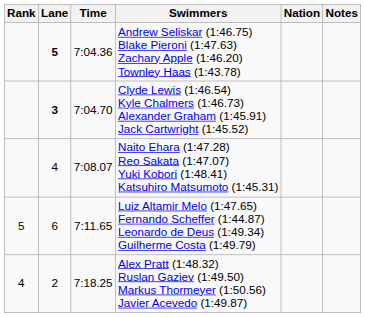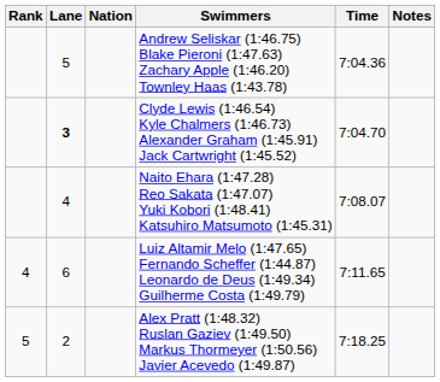 <table class="wikitable sortable" style="text-align:center">
 <tr>
 <th>Rank</th>
 <th>Lane</th>
+<th>Nation</th>
+<th>Swimmers</th>
 <th>Time</th>
-<th>Swimmers</th>
-<th>Nation</th>
 <th>Notes</th>
 </tr>
 <tr>
 <td></td>
-<td><strong>5</strong></td>
+<td>5</td>
+<td align=left></td>
+<td align=left><a href='#'>Andrew Seliskar</a> (1:46.75)<br><a href='#'>Blake Pieroni</a> (1:47.63)<br><a href='#'>Zachary Apple</a> (1:46.20)<br><a href='#'>Townley Haas</a> (1:43.78)</td>
 <td>7:04.36</td>
-<td align=left><a href='#'>Andrew Seliskar</a> (1:46.75)<br><a href='#'>Blake Pieroni</a> (1:47.63)<br><a href='#'>Zachary Apple</a> (1:46.20)<br><a href='#'>Townley Haas</a> (1:43.78)</td>
-<td align=left></td>
 <td></td>
 </tr>
 <tr>
 <td></td>
 <td><strong>3</strong></td>
+<td align=left></td>
+<td align=left><a href='#'>Clyde Lewis</a> (1:46.54)<br><a href='#'>Kyle Chalmers</a> (1:46.73)<br><a href='#'>Alexander Graham</a> (1:45.91)<br><a href='#'>Jack Cartwright</a> (1:45.52)</td>
 <td>7:04.70</td>
-<td align=left><a href='#'>Clyde Lewis</a> (1:46.54)<br><a href='#'>Kyle Chalmers</a> (1:46.73)<br><a href='#'>Alexander Graham</a> (1:45.91)<br><a href='#'>Jack Cartwright</a> (1:45.52)</td>
-<td align=left></td>
 <td></td>
 </tr>
 <tr>
 <td></td>
 <td>4</td>
+<td align=left></td>
+<td align=left><a href='#'>Naito Ehara</a> (1:47.28)<br><a href='#'>Reo Sakata</a> (1:47.07)<br><a href='#'>Yuki Kobori</a> (1:48.41)<br><a href='#'>Katsuhiro Matsumoto</a> (1:45.31)</td>
 <td>7:08.07</td>
-<td align=left><a href='#'>Naito Ehara</a> (1:47.28)<br><a href='#'>Reo Sakata</a> (1:47.07)<br><a href='#'>Yuki Kobori</a> (1:48.41)<br><a href='#'>Katsuhiro Matsumoto</a> (1:45.31)</td>
+<td></td>
+</tr>
+<tr>
+<td>4</td>
+<td>6</td>
 <td align=left></td>
+<td align=left><a href='#'>Luiz Altamir Melo</a> (1:47.65)<br><a href='#'>Fernando Scheffer</a> (1:44.87)<br><a href='#'>Leonardo de Deus</a> (1:49.34)<br><a href='#'>Guilherme Costa</a> (1:49.79)</td>
+<td>7:11.65</td>
 <td></td>
 </tr>
 <tr>
 <td>5</td>
-<td>6</td>
-<td>7:11.65</td>
-<td align=left><a href='#'>Luiz Altamir Melo</a> (1:47.65)<br><a href='#'>Fernando Scheffer</a> (1:44.87)<br><a href='#'>Leonardo de Deus</a> (1:49.34)<br><a href='#'>Guilherme Costa</a> (1:49.79)</td>
+<td>2</td>
 <td align=left></td>
-<td></td>
-</tr>
-<tr>
-<td>4</td>
-<td>2</td>
+<td align=left><a href='#'>Alex Pratt</a> (1:48.32)<br><a href='#'>Ruslan Gaziev</a> (1:49.50)<br><a href='#'>Markus Thormeyer</a> (1:50.56)<br><a href='#'>Javier Acevedo</a> (1:49.87)</td>
 <td>7:18.25</td>
-<td align=left><a href='#'>Alex Pratt</a> (1:48.32)<br><a href='#'>Ruslan Gaziev</a> (1:49.50)<br><a href='#'>Markus Thormeyer</a> (1:50.56)<br><a href='#'>Javier Acevedo</a> (1:49.87)</td>
-<td align=left></td>
 <td></td>
 </tr>
 </table>
